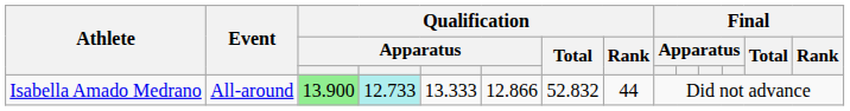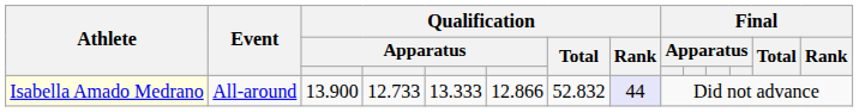 <table class="wikitable" style="font-size:90%">
 <tr>
 <th rowspan=3>Athlete</th>
 <th rowspan=3>Event</th>
 <th colspan=6>Qualification</th>
 <th colspan=6>Final</th>
 </tr>
 <tr style="font-size:95%">
 <th colspan=4>Apparatus</th>
 <th rowspan=2>Total</th>
 <th rowspan=2>Rank</th>
 <th colspan=4>Apparatus</th>
 <th rowspan=2>Total</th>
 <th rowspan=2>Rank</th>
 </tr>
 <tr style="font-size:95%">
 <th></th>
 <th></th>
 <th></th>
 <th></th>
 <th></th>
 <th></th>
 <th></th>
 <th></th>
 </tr>
 <tr align=center>
-<td align=left><a href='#'>Isabella Amado Medrano</a></td>
+<td align=left style="background: lightyellow;"><a href='#'>Isabella Amado Medrano</a></td>
 <td align=left><a href='#'>All-around</a></td>
-<td style="background: lightgreen;">13.900</td>
-<td style="background: paleturquoise;">12.733</td>
+<td>13.900</td>
+<td>12.733</td>
 <td>13.333</td>
 <td>12.866</td>
 <td>52.832</td>
-<td>44</td>
+<td style="background: lavender;">44</td>
 <td colspan=6>Did not advance</td>
 </tr>
 </table>
